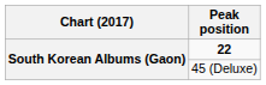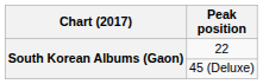 <table class="wikitable plainrowheaders" style="text-align:center">
 <tr>
 <th>Chart (2017)</th>
 <th>Peak<br>position</th>
 </tr>
 <tr>
 <th scope="row" rowspan="2">South Korean Albums (Gaon)</th>
-<td><strong>22</strong></td>
+<td>22</td>
 </tr>
 <tr>
 <td>45 (Deluxe)</td>
 </tr>
 </table>
